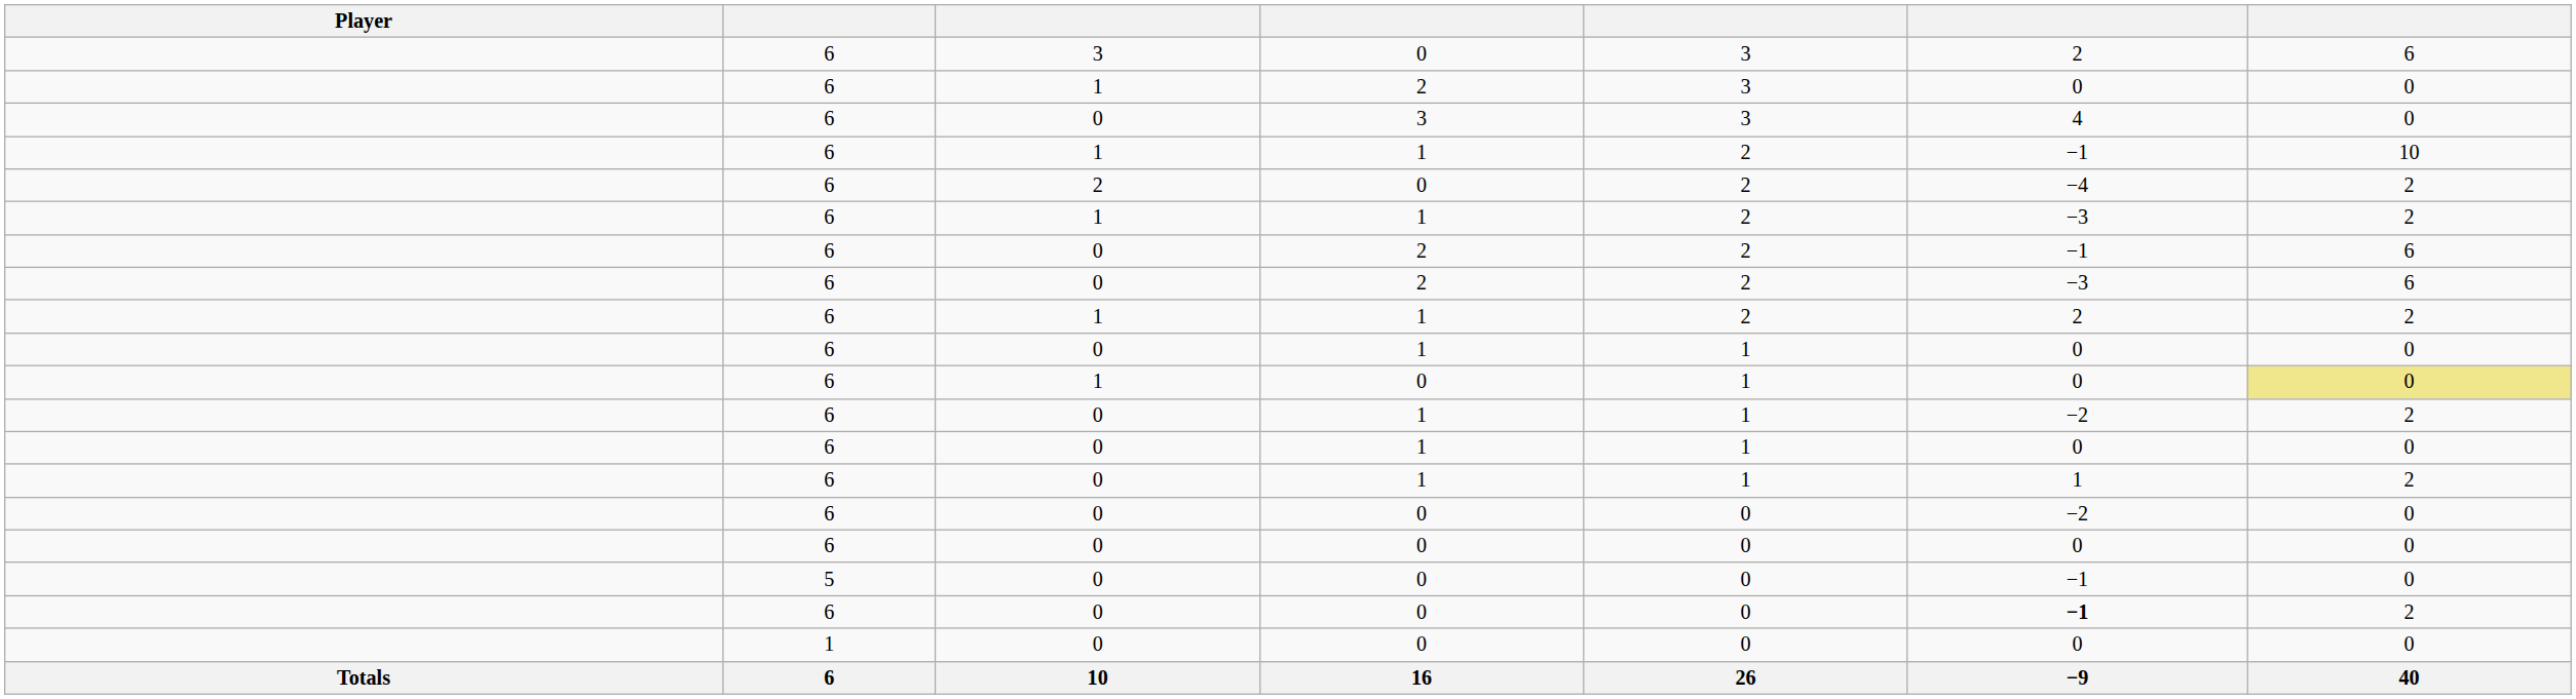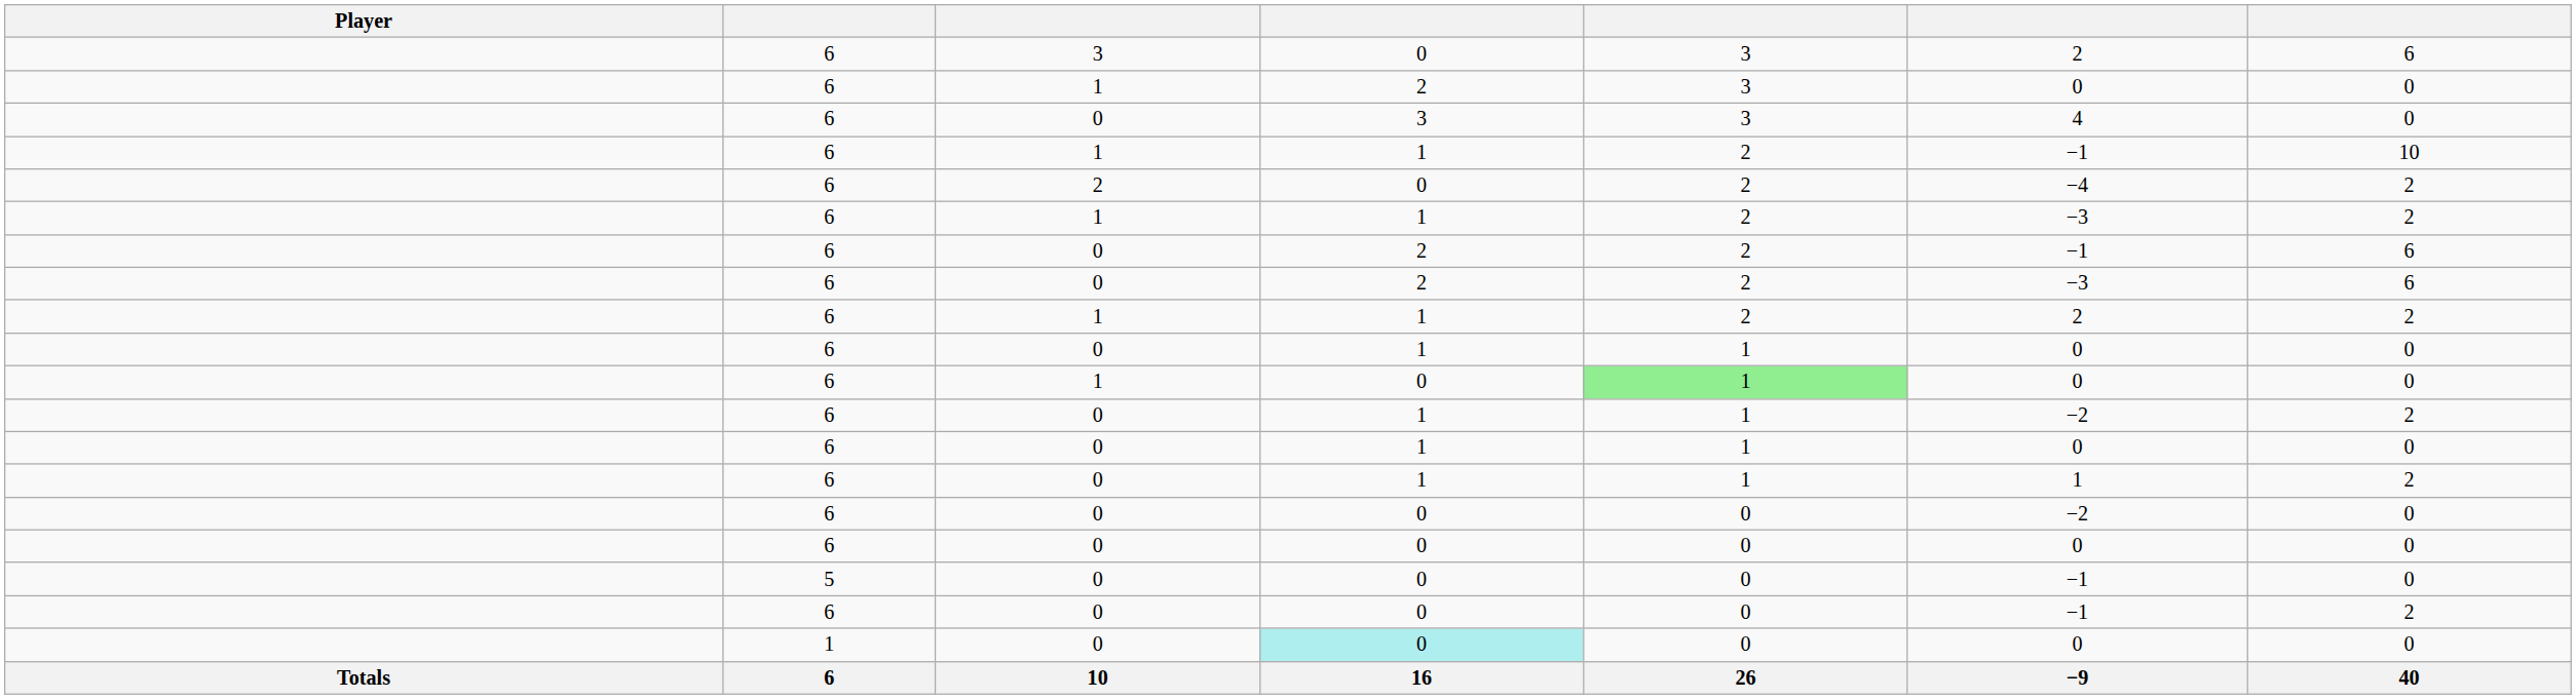 <table class="wikitable sortable" style="width:100%;">
 <tr align=center>
 <th>Player</th>
 <th></th>
 <th></th>
 <th></th>
 <th></th>
 <th data-sort-type="number"></th>
 <th></th>
 </tr>
 <tr align=center>
 <td></td>
 <td>6</td>
 <td>3</td>
 <td>0</td>
 <td>3</td>
 <td>2</td>
 <td>6</td>
 </tr>
 <tr align=center>
 <td></td>
 <td>6</td>
 <td>1</td>
 <td>2</td>
 <td>3</td>
 <td>0</td>
 <td>0</td>
 </tr>
 <tr align=center>
 <td></td>
 <td>6</td>
 <td>0</td>
 <td>3</td>
 <td>3</td>
 <td>4</td>
 <td>0</td>
 </tr>
 <tr align=center>
 <td></td>
 <td>6</td>
 <td>1</td>
 <td>1</td>
 <td>2</td>
 <td>−1</td>
 <td>10</td>
 </tr>
 <tr align=center>
 <td></td>
 <td>6</td>
 <td>2</td>
 <td>0</td>
 <td>2</td>
 <td>−4</td>
 <td>2</td>
 </tr>
 <tr align=center>
 <td></td>
 <td>6</td>
 <td>1</td>
 <td>1</td>
 <td>2</td>
 <td>−3</td>
 <td>2</td>
 </tr>
 <tr align=center>
 <td></td>
 <td>6</td>
 <td>0</td>
 <td>2</td>
 <td>2</td>
 <td>−1</td>
 <td>6</td>
 </tr>
 <tr align=center>
 <td></td>
 <td>6</td>
 <td>0</td>
 <td>2</td>
 <td>2</td>
 <td>−3</td>
 <td>6</td>
 </tr>
 <tr align=center>
 <td></td>
 <td>6</td>
 <td>1</td>
 <td>1</td>
 <td>2</td>
 <td>2</td>
 <td>2</td>
 </tr>
 <tr align=center>
 <td></td>
 <td>6</td>
 <td>0</td>
 <td>1</td>
 <td>1</td>
 <td>0</td>
 <td>0</td>
 </tr>
 <tr align=center>
 <td></td>
 <td>6</td>
 <td>1</td>
 <td>0</td>
-<td>1</td>
+<td style="background: lightgreen;">1</td>
 <td>0</td>
-<td style="background: khaki;">0</td>
+<td>0</td>
 </tr>
 <tr align=center>
 <td></td>
 <td>6</td>
 <td>0</td>
 <td>1</td>
 <td>1</td>
 <td>−2</td>
 <td>2</td>
 </tr>
 <tr align=center>
 <td></td>
 <td>6</td>
 <td>0</td>
 <td>1</td>
 <td>1</td>
 <td>0</td>
 <td>0</td>
 </tr>
 <tr align=center>
 <td></td>
 <td>6</td>
 <td>0</td>
 <td>1</td>
 <td>1</td>
 <td>1</td>
 <td>2</td>
 </tr>
 <tr align=center>
 <td></td>
 <td>6</td>
 <td>0</td>
 <td>0</td>
 <td>0</td>
 <td>−2</td>
 <td>0</td>
 </tr>
 <tr align=center>
 <td></td>
 <td>6</td>
 <td>0</td>
 <td>0</td>
 <td>0</td>
 <td>0</td>
 <td>0</td>
 </tr>
 <tr align=center>
 <td></td>
 <td>5</td>
 <td>0</td>
 <td>0</td>
 <td>0</td>
 <td>−1</td>
 <td>0</td>
 </tr>
 <tr align=center>
 <td></td>
 <td>6</td>
 <td>0</td>
 <td>0</td>
 <td>0</td>
-<td><strong>−1</strong></td>
+<td>−1</td>
 <td>2</td>
 </tr>
 <tr align=center>
 <td></td>
 <td>1</td>
 <td>0</td>
-<td>0</td>
+<td style="background: paleturquoise;">0</td>
 <td>0</td>
 <td>0</td>
 <td>0</td>
 </tr>
 <tr class="unsortable">
 <th>Totals</th>
 <th>6</th>
 <th>10</th>
 <th>16</th>
 <th>26</th>
 <th>−9</th>
 <th>40</th>
 </tr>
 </table>
